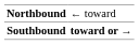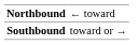 <table border="1" cellspacing="0" cellpadding="3" frame="hsides" rules="rows">
 <tr>
 <th><span>Northbound</span></th>
 <td>←  toward </td>
 </tr>
 <tr>
 <th><span>Southbound</span></th>
-<td><strong>  toward  or  →</strong></td>
+<td>  toward  or  →</td>
 </tr>
 </table>
